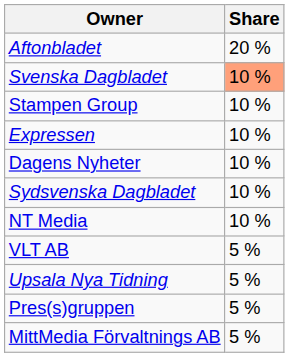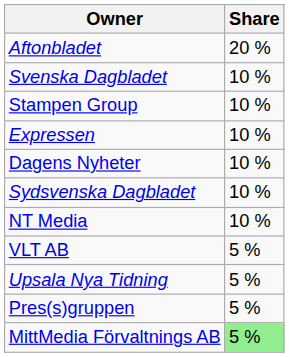 <table class="wikitable">
 <tr>
 <th>Owner</th>
 <th>Share</th>
 </tr>
 <tr>
 <td><em><a href='#'>Aftonbladet</a></em></td>
 <td>20 %</td>
 </tr>
 <tr>
 <td><em><a href='#'>Svenska Dagbladet</a></em></td>
-<td style="background: lightsalmon;">10 %</td>
+<td>10 %</td>
 </tr>
 <tr>
 <td><a href='#'>Stampen Group</a></td>
 <td>10 %</td>
 </tr>
 <tr>
 <td><em><a href='#'>Expressen</a></em></td>
 <td>10 %</td>
 </tr>
 <tr>
 <td><a href='#'>Dagens Nyheter</a></td>
 <td>10 %</td>
 </tr>
 <tr>
 <td><em><a href='#'>Sydsvenska Dagbladet</a></em></td>
 <td>10 %</td>
 </tr>
 <tr>
 <td><a href='#'>NT Media</a></td>
 <td>10 %</td>
 </tr>
 <tr>
 <td><a href='#'>VLT AB</a></td>
 <td>5 %</td>
 </tr>
 <tr>
 <td><em><a href='#'>Upsala Nya Tidning</a></em></td>
 <td>5 %</td>
 </tr>
 <tr>
 <td><a href='#'>Pres(s)gruppen</a></td>
 <td>5 %</td>
 </tr>
 <tr>
 <td><a href='#'>MittMedia Förvaltnings AB</a></td>
-<td>5 %</td>
+<td style="background: lightgreen;">5 %</td>
 </tr>
 </table>
